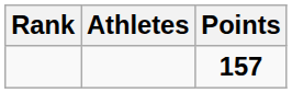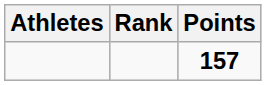 <table class=wikitable style="text-align:center;">
 <tr>
+<th>Athletes</th>
 <th>Rank</th>
-<th>Athletes</th>
 <th>Points</th>
 </tr>
 <tr>
+<td align=left></td>
 <td></td>
-<td align=left></td>
 <td><strong>157</strong></td>
 </tr>
 </table>
